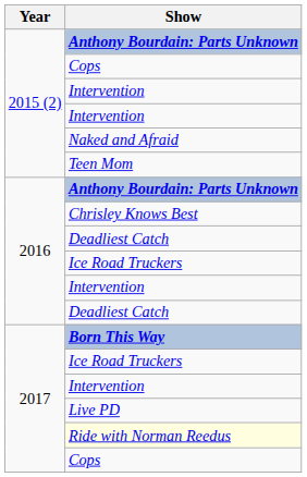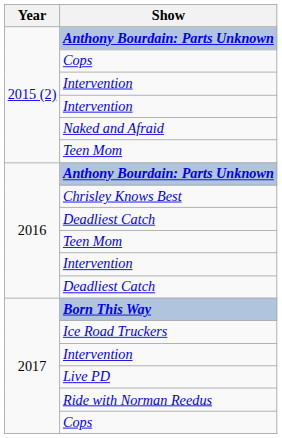 <table class="wikitable">
 <tr>
 <th><strong>Year</strong></th>
 <th><strong>Show</strong></th>
 </tr>
 <tr>
 <td rowspan="6" style="text-align:center;"><a href='#'>2015 (2)</a></td>
 <td style="background:#B0C4DE;"><strong><em><a href='#'>Anthony Bourdain: Parts Unknown</a></em></strong></td>
 </tr>
 <tr>
 <td><em><a href='#'>Cops</a></em></td>
 </tr>
 <tr>
 <td><em><a href='#'>Intervention</a></em></td>
 </tr>
 <tr>
 <td><em><a href='#'>Intervention</a></em></td>
 </tr>
 <tr>
 <td><em><a href='#'>Naked and Afraid</a></em></td>
 </tr>
 <tr>
 <td><em><a href='#'>Teen Mom</a></em></td>
 </tr>
 <tr>
 <td rowspan="6" style="text-align:center;">2016</td>
 <td style="background:#B0C4DE;"><strong><em><a href='#'>Anthony Bourdain: Parts Unknown</a></em></strong></td>
 </tr>
 <tr>
 <td><em><a href='#'>Chrisley Knows Best</a></em></td>
 </tr>
 <tr>
 <td><em><a href='#'>Deadliest Catch</a></em></td>
 </tr>
 <tr>
-<td><em><a href='#'>Ice Road Truckers</a></em></td>
+<td><em><a href='#'>Teen Mom</a></em></td>
 </tr>
 <tr>
 <td><em><a href='#'>Intervention</a></em></td>
 </tr>
 <tr>
 <td><em><a href='#'>Deadliest Catch</a></em></td>
 </tr>
 <tr>
 <td rowspan="6" style="text-align:center;">2017</td>
 <td style="background:#B0C4DE;"><strong><em><a href='#'>Born This Way</a></em></strong></td>
 </tr>
 <tr>
 <td><em><a href='#'>Ice Road Truckers</a></em></td>
 </tr>
 <tr>
 <td><em><a href='#'>Intervention</a></em></td>
 </tr>
 <tr>
 <td><em><a href='#'>Live PD</a></em></td>
 </tr>
 <tr>
-<td style="background: lightyellow;"><em><a href='#'>Ride with Norman Reedus</a></em></td>
+<td><em><a href='#'>Ride with Norman Reedus</a></em></td>
 </tr>
 <tr>
 <td><em><a href='#'>Cops</a></em></td>
 </tr>
 </table>
